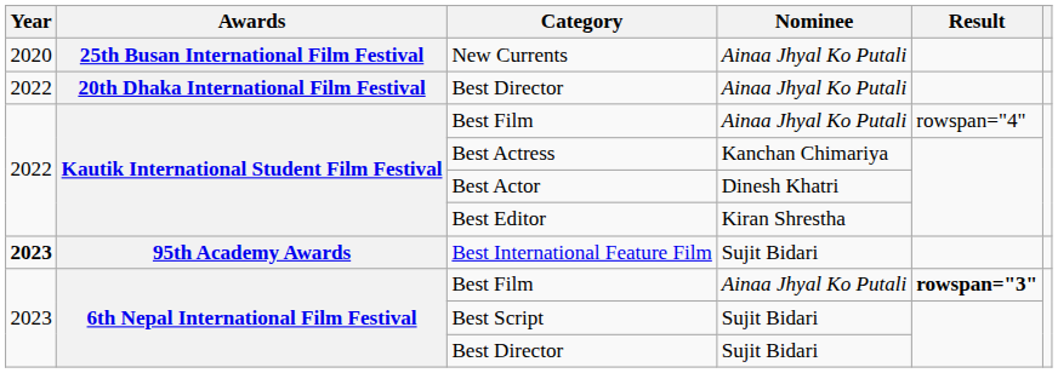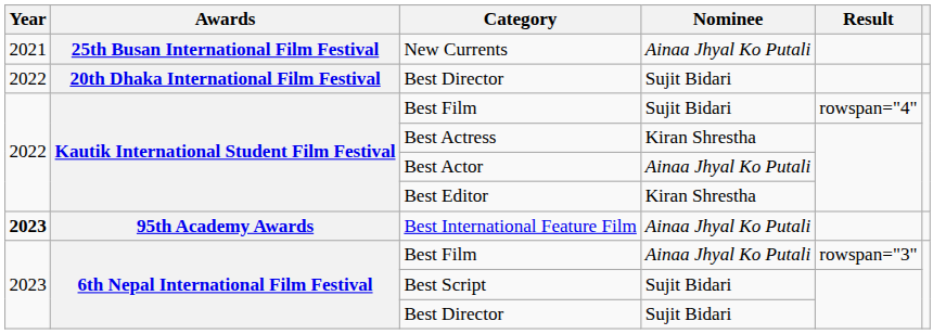 <table class="wikitable plainrowheaders">
 <tr>
 <th scope="col">Year</th>
 <th scope="col">Awards</th>
 <th scope="col">Category</th>
 <th scope="col">Nominee</th>
 <th scope="col">Result</th>
 <th scope="col" class="unsortable"></th>
 </tr>
 <tr>
-<td>2020</td>
+<td>2021</td>
 <th scope="row"><a href='#'>25th Busan International Film Festival</a></th>
 <td>New Currents</td>
 <td><em>Ainaa Jhyal Ko Putali</em></td>
 <td></td>
 <td style="text-align:center;"></td>
 </tr>
 <tr>
 <td>2022</td>
 <th scope="row"><a href='#'>20th Dhaka International Film Festival</a></th>
 <td>Best Director</td>
-<td><em>Ainaa Jhyal Ko Putali</em></td>
+<td>Sujit Bidari</td>
 <td></td>
 <td style="text-align:center;"></td>
 </tr>
 <tr>
 <td rowspan="4">2022</td>
 <th rowspan="4" scope="row"><a href='#'>Kautik International Student Film Festival</a></th>
 <td>Best Film</td>
-<td><em>Ainaa Jhyal Ko Putali</em></td>
+<td>Sujit Bidari</td>
 <td>rowspan="4" </td>
 <td rowspan="4" style="text-align:center;"></td>
 </tr>
 <tr>
 <td>Best Actress</td>
-<td>Kanchan Chimariya</td>
+<td>Kiran Shrestha</td>
 </tr>
 <tr>
 <td>Best Actor</td>
-<td>Dinesh Khatri</td>
+<td><em>Ainaa Jhyal Ko Putali</em></td>
 </tr>
 <tr>
 <td>Best Editor</td>
 <td>Kiran Shrestha</td>
 </tr>
 <tr>
 <td><strong>2023</strong></td>
 <th scope="row"><a href='#'>95th Academy Awards</a></th>
 <td><a href='#'>Best International Feature Film</a></td>
-<td>Sujit Bidari</td>
+<td><em>Ainaa Jhyal Ko Putali</em></td>
 <td></td>
 <td style="text-align:center;"></td>
 </tr>
 <tr>
 <td rowspan="3">2023</td>
 <th rowspan="3" scope="row"><a href='#'>6th Nepal International Film Festival</a></th>
 <td>Best Film</td>
 <td><em>Ainaa Jhyal Ko Putali</em></td>
-<td><strong>rowspan="3" </strong></td>
+<td>rowspan="3" </td>
 <td rowspan="3" style="text-align:center;"><br></td>
 </tr>
 <tr>
 <td>Best Script</td>
 <td>Sujit Bidari</td>
 </tr>
 <tr>
 <td>Best Director</td>
 <td>Sujit Bidari</td>
 </tr>
 </table>
